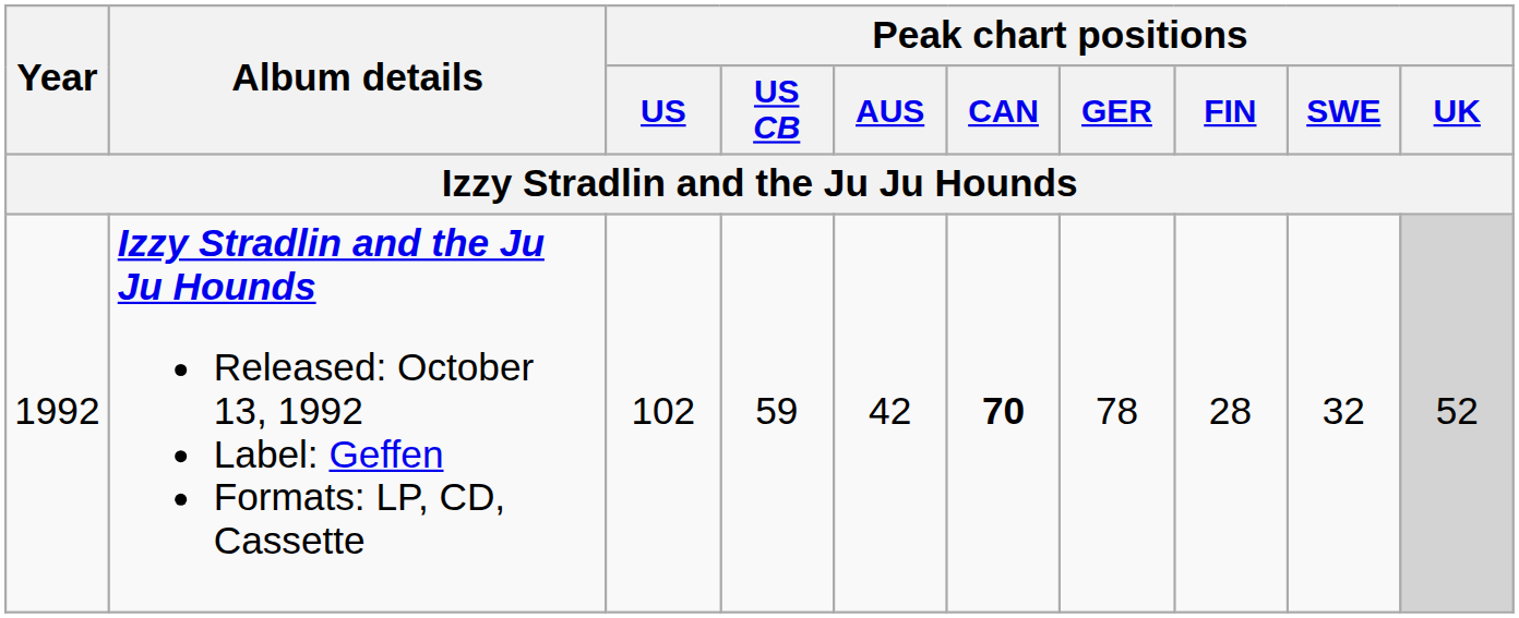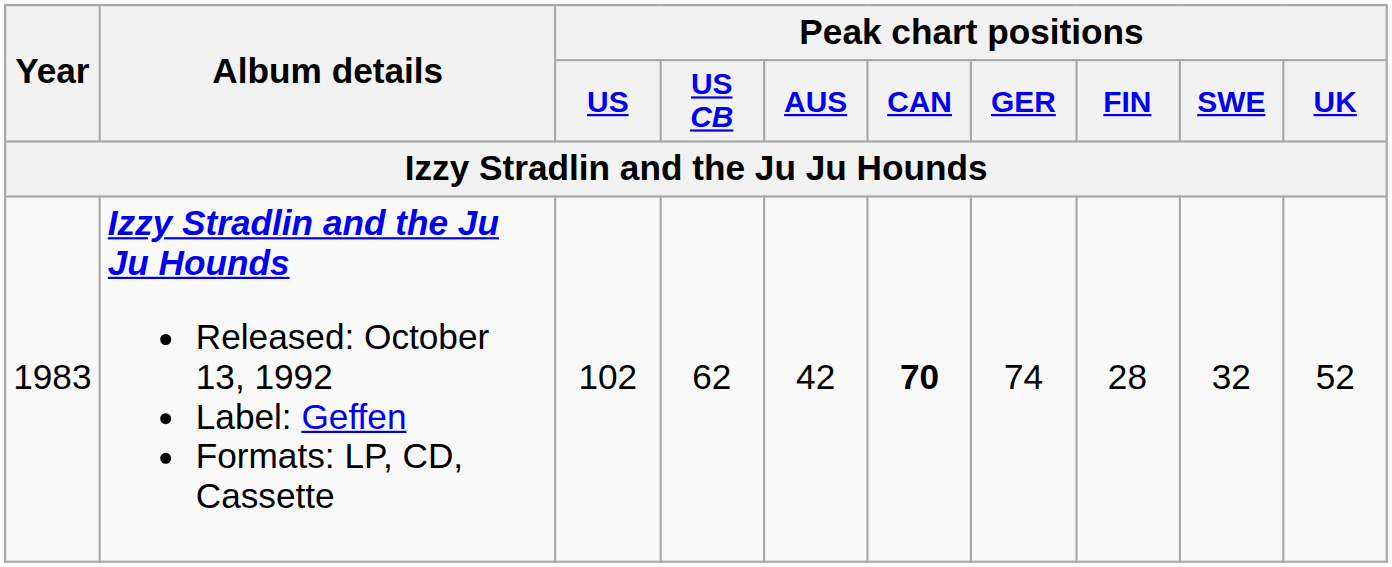 <table class="wikitable">
 <tr>
 <th rowspan="2">Year</th>
 <th width="200" rowspan="2">Album details</th>
 <th colspan="8">Peak chart positions</th>
 </tr>
 <tr>
 <th style="width:3em;font-size:85%"><a href='#'>US</a><br></th>
 <th style="width:3em;font-size:85%"><a href='#'>US<br><em>CB</em></a><br></th>
 <th style="width:3em;font-size:85%"><a href='#'>AUS</a><br></th>
 <th style="width:3em;font-size:85%"><a href='#'>CAN</a><br></th>
 <th style="width:3em;font-size:85%"><a href='#'>GER</a><br></th>
 <th style="width:3em;font-size:85%"><a href='#'>FIN</a><br></th>
 <th style="width:3em;font-size:85%"><a href='#'>SWE</a><br></th>
 <th style="width:3em;font-size:85%"><a href='#'>UK</a><br></th>
 </tr>
 <tr>
 <th colspan="13">Izzy Stradlin and the Ju Ju Hounds</th>
 </tr>
 <tr>
-<td>1992</td>
+<td>1983</td>
 <td><strong><em><a href='#'>Izzy Stradlin and the Ju Ju Hounds</a></em></strong><br><ul><li>Released: October 13, 1992</li><li>Label: <a href='#'>Geffen</a></li><li>Formats: LP, CD, Cassette</li></ul></td>
 <td align="center">102</td>
-<td align="center">59</td>
+<td align="center">62</td>
 <td align="center">42</td>
 <td align="center"><strong>70</strong></td>
-<td align="center">78</td>
+<td align="center">74</td>
 <td align="center">28</td>
 <td align="center">32</td>
-<td align="center" style="background: lightgrey;">52</td>
+<td align="center">52</td>
 </tr>
 </table>
